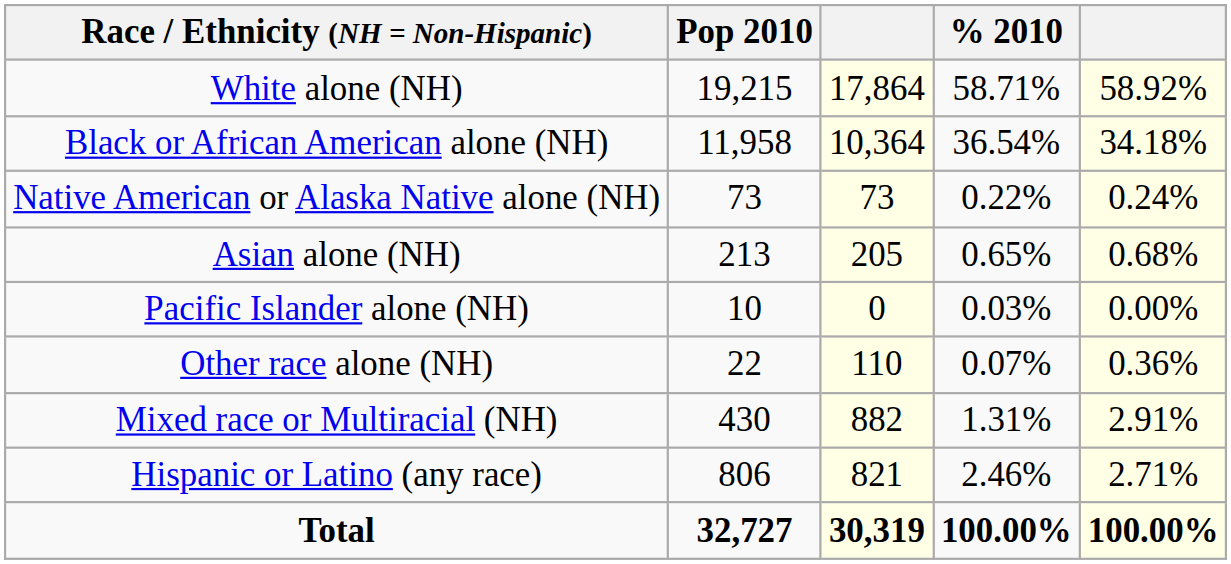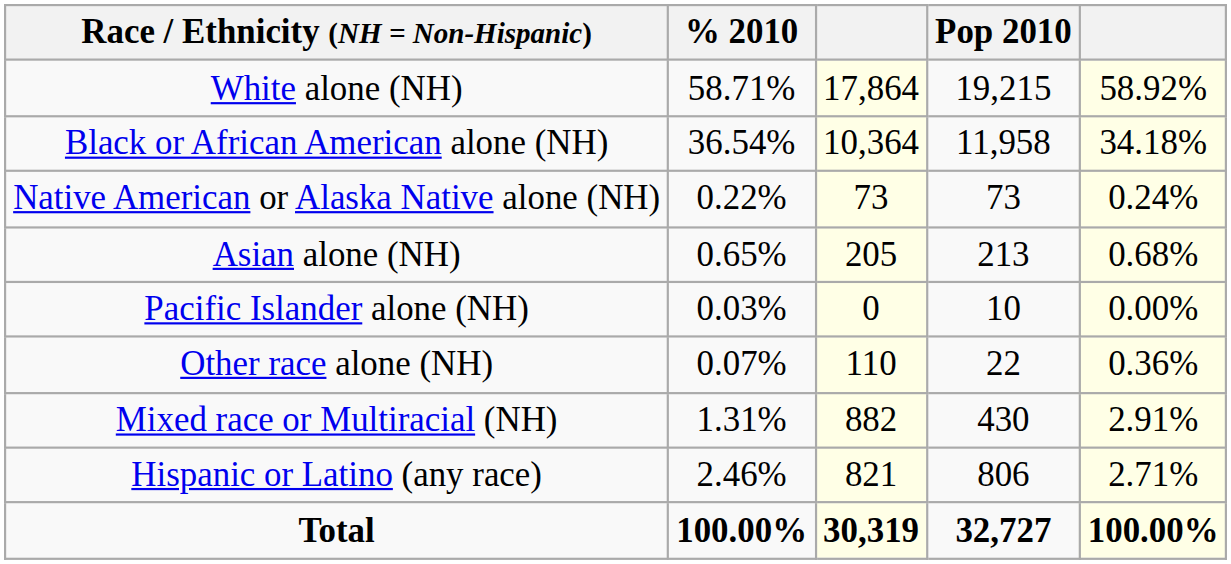 <table class="wikitable" style="text-align:center;">
 <tr>
 <th>Race / Ethnicity <small>(<em>NH = Non-Hispanic</em>)</small></th>
+<th>% 2010</th>
+<th></th>
 <th>Pop 2010</th>
-<th></th>
-<th>% 2010</th>
 <th></th>
 </tr>
 <tr>
 <td><a href='#'>White</a> alone (NH)</td>
+<td>58.71%</td>
+<td style='background: #ffffe6;'>17,864</td>
 <td>19,215</td>
-<td style='background: #ffffe6;'>17,864</td>
-<td>58.71%</td>
 <td style='background: #ffffe6;'>58.92%</td>
 </tr>
 <tr>
 <td><a href='#'>Black or African American</a> alone (NH)</td>
+<td>36.54%</td>
+<td style='background: #ffffe6;'>10,364</td>
 <td>11,958</td>
-<td style='background: #ffffe6;'>10,364</td>
-<td>36.54%</td>
 <td style='background: #ffffe6;'>34.18%</td>
 </tr>
 <tr>
 <td><a href='#'>Native American</a> or <a href='#'>Alaska Native</a> alone (NH)</td>
+<td>0.22%</td>
+<td style='background: #ffffe6;'>73</td>
 <td>73</td>
-<td style='background: #ffffe6;'>73</td>
-<td>0.22%</td>
 <td style='background: #ffffe6;'>0.24%</td>
 </tr>
 <tr>
 <td><a href='#'>Asian</a> alone (NH)</td>
+<td>0.65%</td>
+<td style='background: #ffffe6;'>205</td>
 <td>213</td>
-<td style='background: #ffffe6;'>205</td>
-<td>0.65%</td>
 <td style='background: #ffffe6;'>0.68%</td>
 </tr>
 <tr>
 <td><a href='#'>Pacific Islander</a> alone (NH)</td>
+<td>0.03%</td>
+<td style='background: #ffffe6;'>0</td>
 <td>10</td>
-<td style='background: #ffffe6;'>0</td>
-<td>0.03%</td>
 <td style='background: #ffffe6;'>0.00%</td>
 </tr>
 <tr>
 <td><a href='#'>Other race</a> alone (NH)</td>
+<td>0.07%</td>
+<td style='background: #ffffe6;'>110</td>
 <td>22</td>
-<td style='background: #ffffe6;'>110</td>
-<td>0.07%</td>
 <td style='background: #ffffe6;'>0.36%</td>
 </tr>
 <tr>
 <td><a href='#'>Mixed race or Multiracial</a> (NH)</td>
+<td>1.31%</td>
+<td style='background: #ffffe6;'>882</td>
 <td>430</td>
-<td style='background: #ffffe6;'>882</td>
-<td>1.31%</td>
 <td style='background: #ffffe6;'>2.91%</td>
 </tr>
 <tr>
 <td><a href='#'>Hispanic or Latino</a> (any race)</td>
+<td>2.46%</td>
+<td style='background: #ffffe6;'>821</td>
 <td>806</td>
-<td style='background: #ffffe6;'>821</td>
-<td>2.46%</td>
 <td style='background: #ffffe6;'>2.71%</td>
 </tr>
 <tr>
 <td><strong>Total</strong></td>
+<td><strong>100.00%</strong></td>
+<td style='background: #ffffe6;'><strong>30,319</strong></td>
 <td><strong>32,727</strong></td>
-<td style='background: #ffffe6;'><strong>30,319</strong></td>
-<td><strong>100.00%</strong></td>
 <td style='background: #ffffe6;'><strong>100.00%</strong></td>
 </tr>
 </table>
